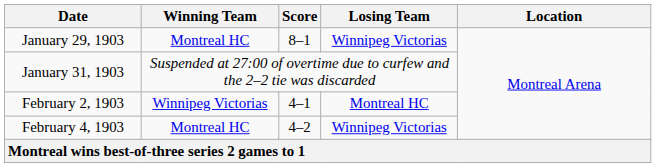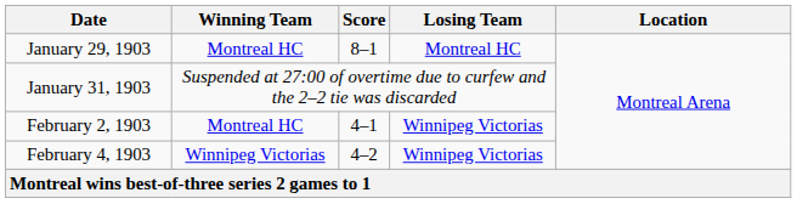 <table class="wikitable" style="text-align:center;">
 <tr align="center">
 <th width="140">Date</th>
 <th width="140">Winning Team</th>
 <th width="5">Score</th>
 <th width="140">Losing Team</th>
 <th width="200">Location</th>
 </tr>
 <tr>
 <td>January 29, 1903</td>
 <td><a href='#'>Montreal HC</a></td>
 <td>8–1</td>
-<td><a href='#'>Winnipeg Victorias</a></td>
+<td><a href='#'>Montreal HC</a></td>
 <td rowspan="4"><a href='#'>Montreal Arena</a></td>
 </tr>
 <tr>
 <td>January 31, 1903</td>
 <td colspan="3"><em>Suspended at 27:00 of overtime due to curfew and the 2–2 tie was discarded</em></td>
 </tr>
 <tr>
 <td>February 2, 1903</td>
+<td><a href='#'>Montreal HC</a></td>
+<td>4–1</td>
 <td><a href='#'>Winnipeg Victorias</a></td>
-<td>4–1</td>
-<td><a href='#'>Montreal HC</a></td>
 </tr>
 <tr>
 <td>February 4, 1903</td>
-<td><a href='#'>Montreal HC</a></td>
+<td><a href='#'>Winnipeg Victorias</a></td>
 <td>4–2</td>
 <td><a href='#'>Winnipeg Victorias</a></td>
 </tr>
 <tr>
 <th colspan="5" style="text-align:left;">Montreal wins best-of-three series 2 games to 1</th>
 </tr>
 </table>
